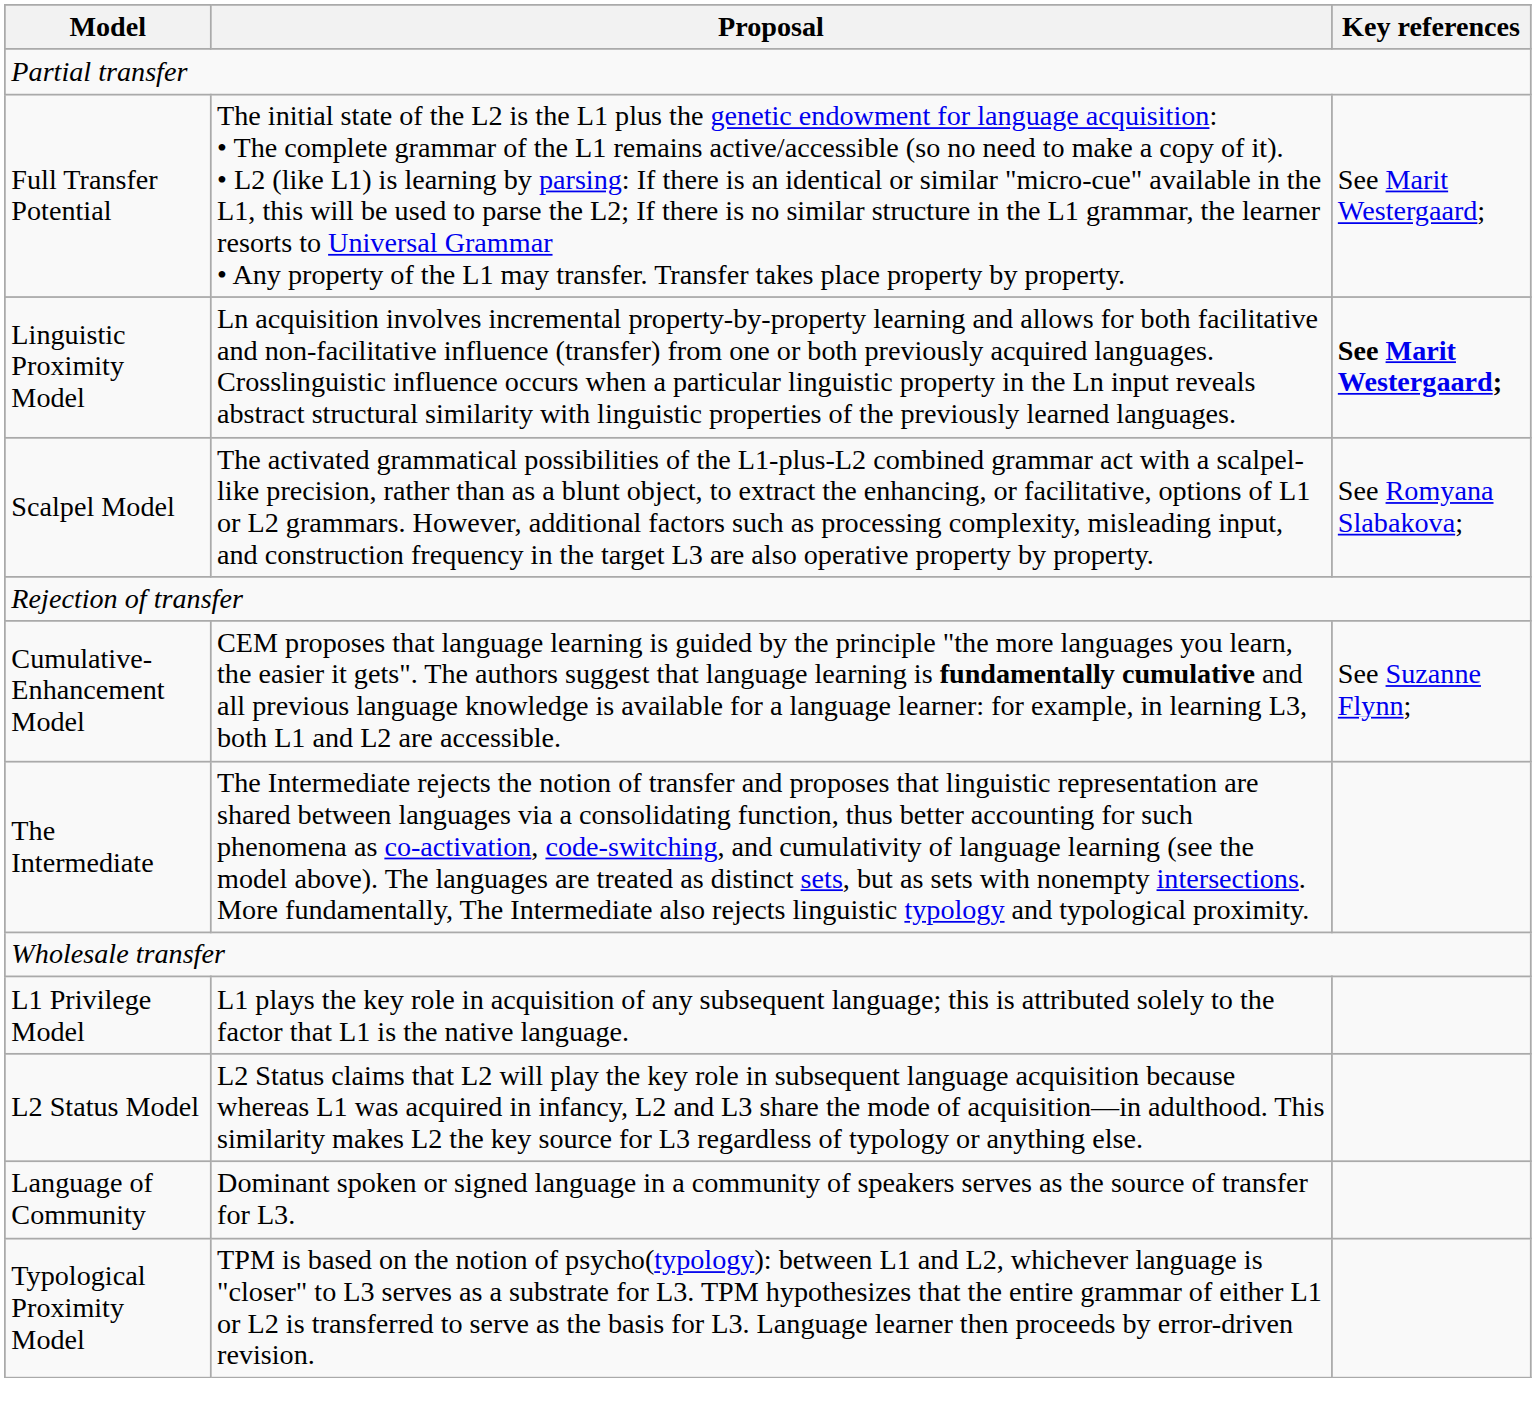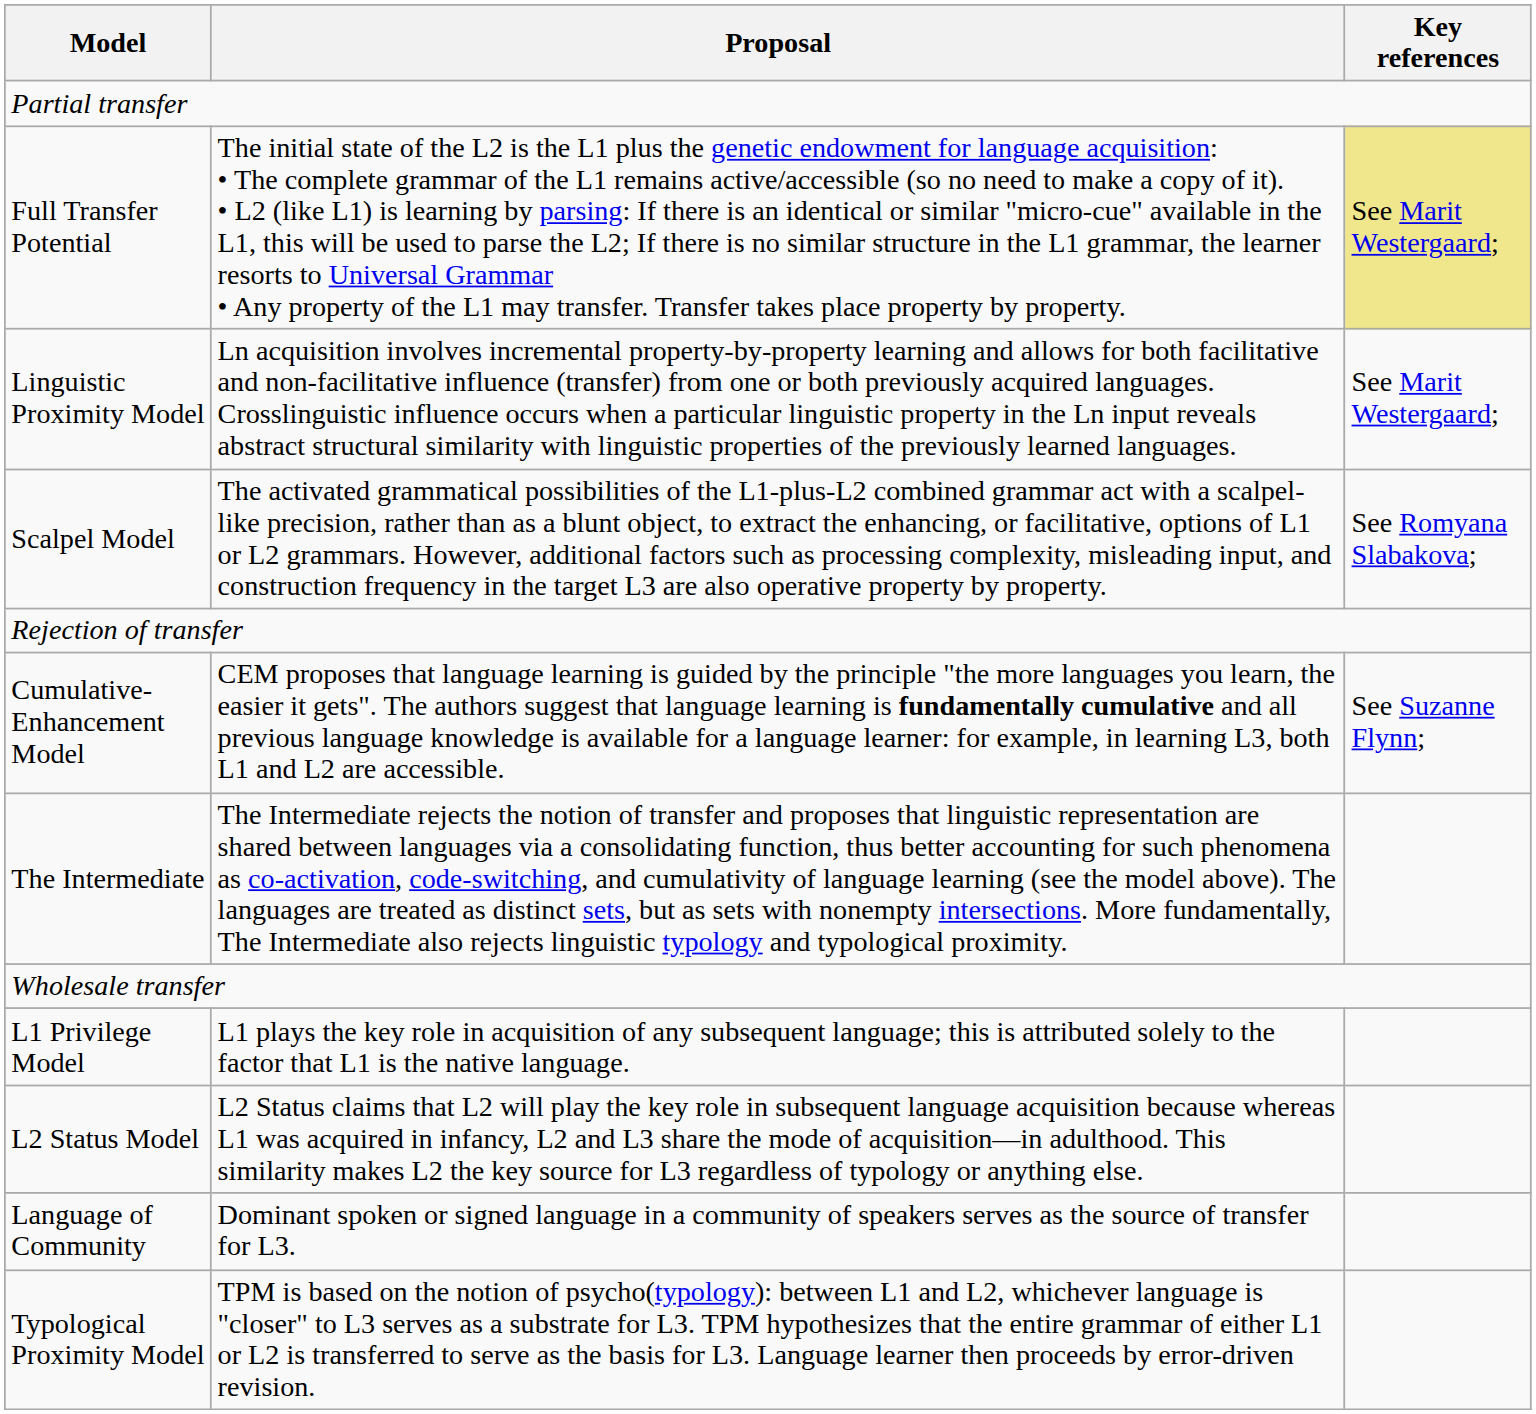 <table class="wikitable">
 <tr>
 <th>Model</th>
 <th>Proposal</th>
 <th>Key references</th>
 </tr>
 <tr>
 <td colspan="3"><em>Partial transfer</em></td>
 </tr>
 <tr>
 <td>Full Transfer Potential</td>
 <td>The initial state of the L2 is the L1 plus the <a href='#'>genetic endowment for language acquisition</a>:<br>• The complete grammar of the L1 remains active/accessible (so no need to make a copy of it).<br>• L2 (like L1) is learning by <a href='#'>parsing</a>: If there is an identical or similar "micro-cue" available in the L1, this will be used to parse the L2; If there is no similar structure in the L1 grammar, the learner resorts to <a href='#'>Universal Grammar</a><br>• Any property of the L1 may transfer. Transfer takes place property by property.</td>
-<td>See <a href='#'>Marit Westergaard</a>;</td>
+<td style="background: khaki;">See <a href='#'>Marit Westergaard</a>;</td>
 </tr>
 <tr>
 <td>Linguistic Proximity Model</td>
 <td>Ln acquisition involves incremental property-by-property learning and allows for both facilitative and non-facilitative influence (transfer) from one or both previously acquired languages. Crosslinguistic influence occurs when a particular linguistic property in the Ln input reveals abstract structural similarity with linguistic properties of the previously learned languages.</td>
-<td><strong>See <a href='#'>Marit Westergaard</a>;</strong></td>
+<td>See <a href='#'>Marit Westergaard</a>;</td>
 </tr>
 <tr>
 <td>Scalpel Model</td>
 <td>The activated grammatical possibilities of the L1-plus-L2 combined grammar act with a scalpel-like precision, rather than as a blunt object, to extract the enhancing, or facilitative, options of L1 or L2 grammars. However, additional factors such as processing complexity, misleading input, and construction frequency in the target L3 are also operative property by property.</td>
 <td>See <a href='#'>Romyana Slabakova</a>;</td>
 </tr>
 <tr>
 <td colspan="3"><em>Rejection of transfer</em></td>
 </tr>
 <tr>
 <td>Cumulative-Enhancement Model</td>
 <td>CEM proposes that language learning is guided by the principle "the more languages you learn, the easier it gets". The authors suggest that language learning is <strong>fundamentally cumulative</strong> and all previous language knowledge is available for a language learner: for example, in learning L3, both L1 and L2 are accessible.</td>
 <td>See <a href='#'>Suzanne Flynn</a>;</td>
 </tr>
 <tr>
 <td>The Intermediate</td>
 <td>The Intermediate rejects the notion of transfer and proposes that linguistic representation are shared between languages via a consolidating function, thus better accounting for such phenomena as <a href='#'>co-activation</a>, <a href='#'>code-switching</a>, and cumulativity of language learning (see the model above). The languages are treated as distinct <a href='#'>sets</a>, but as sets with nonempty <a href='#'>intersections</a>. More fundamentally, The Intermediate also rejects linguistic <a href='#'>typology</a> and typological proximity.</td>
 <td></td>
 </tr>
 <tr>
 <td colspan="3"><em>Wholesale transfer</em></td>
 </tr>
 <tr>
 <td>L1 Privilege Model</td>
 <td>L1 plays the key role in acquisition of any subsequent language; this is attributed solely to the factor that L1 is the native language.</td>
 <td></td>
 </tr>
 <tr>
 <td>L2 Status Model</td>
 <td>L2 Status claims that L2 will play the key role in subsequent language acquisition because whereas L1 was acquired in infancy, L2 and L3 share the mode of acquisition—in adulthood. This similarity makes L2 the key source for L3 regardless of typology or anything else.</td>
 <td></td>
 </tr>
 <tr>
 <td>Language of Community</td>
 <td>Dominant spoken or signed language in a community of speakers serves as the source of transfer for L3.</td>
 <td></td>
 </tr>
 <tr>
 <td>Typological Proximity Model</td>
 <td>TPM is based on the notion of psycho(<a href='#'>typology</a>): between L1 and L2, whichever language is "closer" to L3 serves as a substrate for L3. TPM hypothesizes that the entire grammar of either L1 or L2 is transferred to serve as the basis for L3. Language learner then proceeds by error-driven revision.</td>
 <td></td>
 </tr>
 </table>
